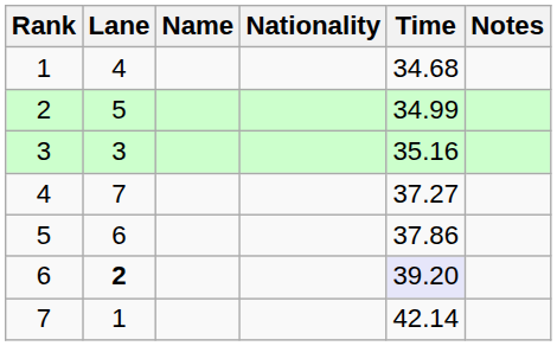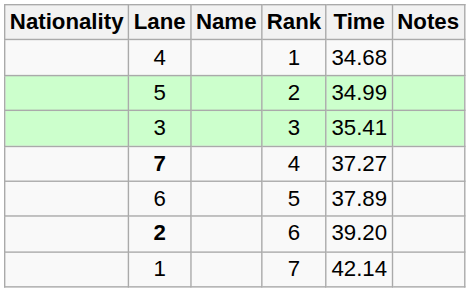 <table class="wikitable sortable" style="text-align:center">
 <tr>
-<th>Rank</th>
+<th>Nationality</th>
 <th>Lane</th>
 <th>Name</th>
-<th>Nationality</th>
+<th>Rank</th>
 <th>Time</th>
 <th>Notes</th>
 </tr>
 <tr -bgcolor=ccffcc>
-<td>1</td>
+<td align=left></td>
 <td>4</td>
 <td align=left></td>
-<td align=left></td>
+<td>1</td>
 <td>34.68</td>
 <td><strong></strong></td>
 </tr>
 <tr bgcolor=ccffcc>
-<td>2</td>
+<td align=left></td>
 <td>5</td>
 <td align=left></td>
-<td align=left></td>
+<td>2</td>
 <td>34.99</td>
 <td><strong></strong></td>
 </tr>
 <tr bgcolor=ccffcc>
-<td>3</td>
+<td align=left></td>
 <td>3</td>
 <td align=left></td>
-<td align=left></td>
-<td>35.16</td>
+<td>3</td>
+<td>35.41</td>
 <td><strong></strong></td>
 </tr>
 <tr>
+<td align=left></td>
+<td><strong>7</strong></td>
+<td align=left></td>
 <td>4</td>
-<td>7</td>
-<td align=left></td>
-<td align=left></td>
 <td>37.27</td>
 <td></td>
 </tr>
 <tr>
-<td>5</td>
+<td align=left></td>
 <td>6</td>
 <td align=left></td>
-<td align=left></td>
-<td>37.86</td>
+<td>5</td>
+<td>37.89</td>
 <td></td>
 </tr>
 <tr>
-<td>6</td>
+<td align=left></td>
 <td><strong>2</strong></td>
 <td align=left></td>
-<td align=left></td>
-<td style="background: lavender;">39.20</td>
+<td>6</td>
+<td>39.20</td>
 <td></td>
 </tr>
 <tr>
-<td>7</td>
+<td align=left></td>
 <td>1</td>
 <td align=left></td>
-<td align=left></td>
+<td>7</td>
 <td>42.14</td>
 <td></td>
 </tr>
 </table>
